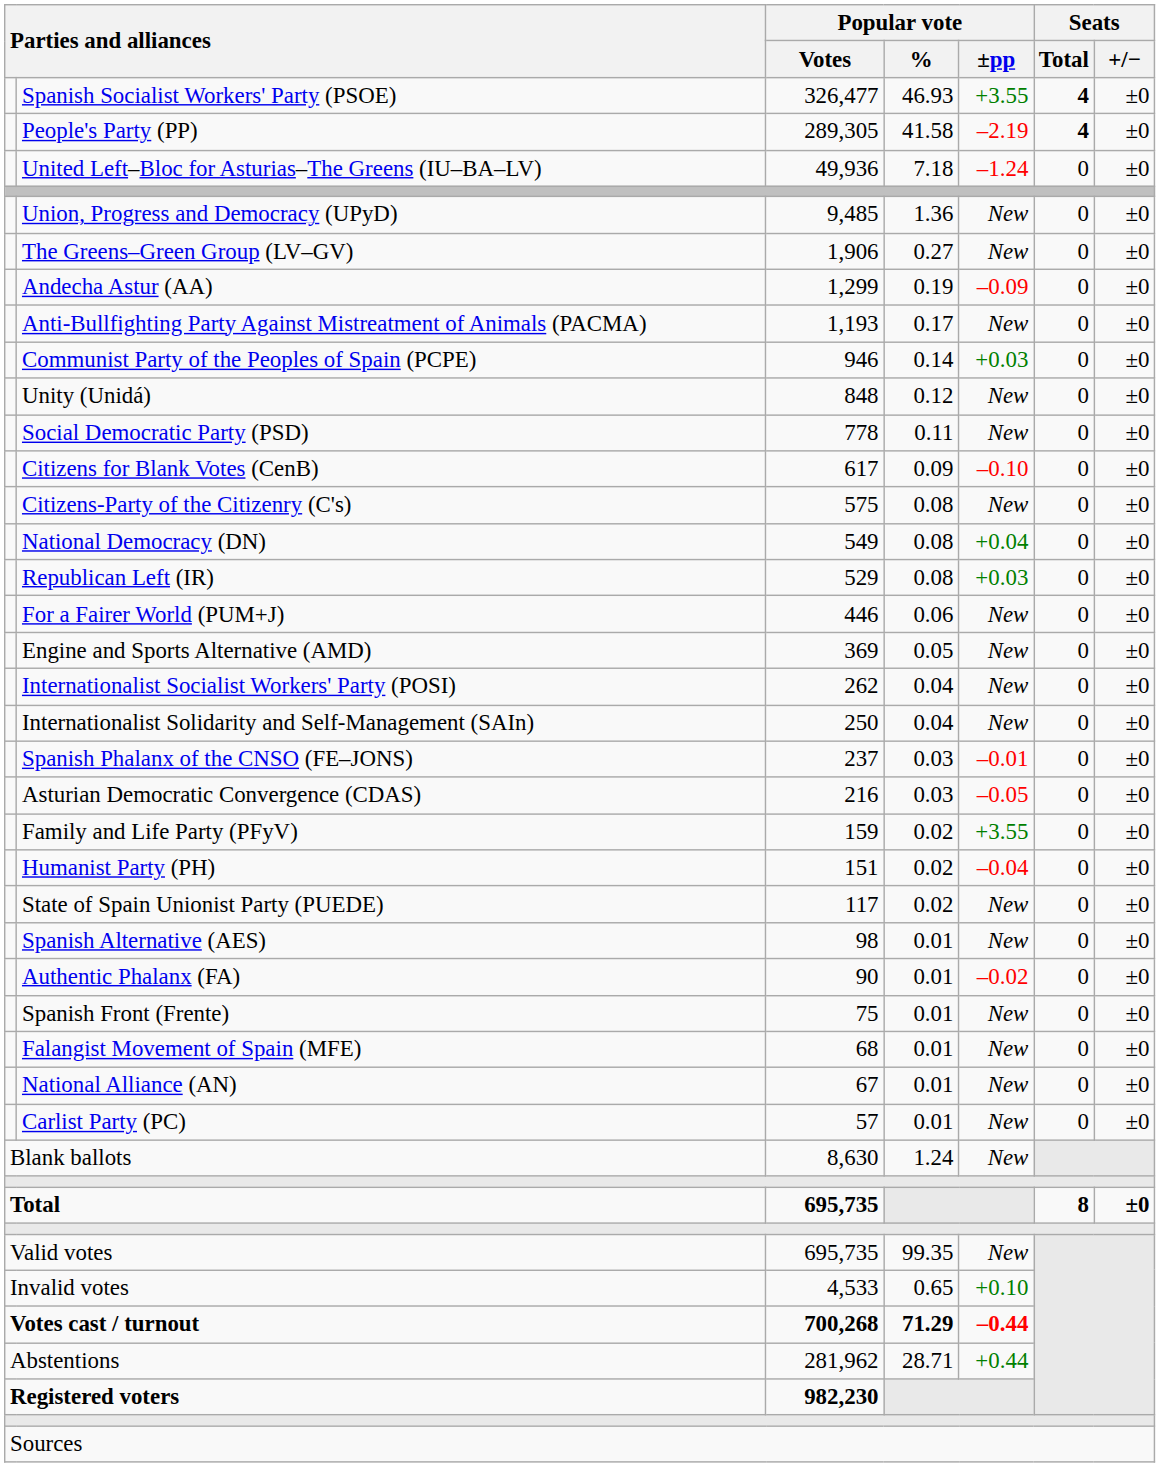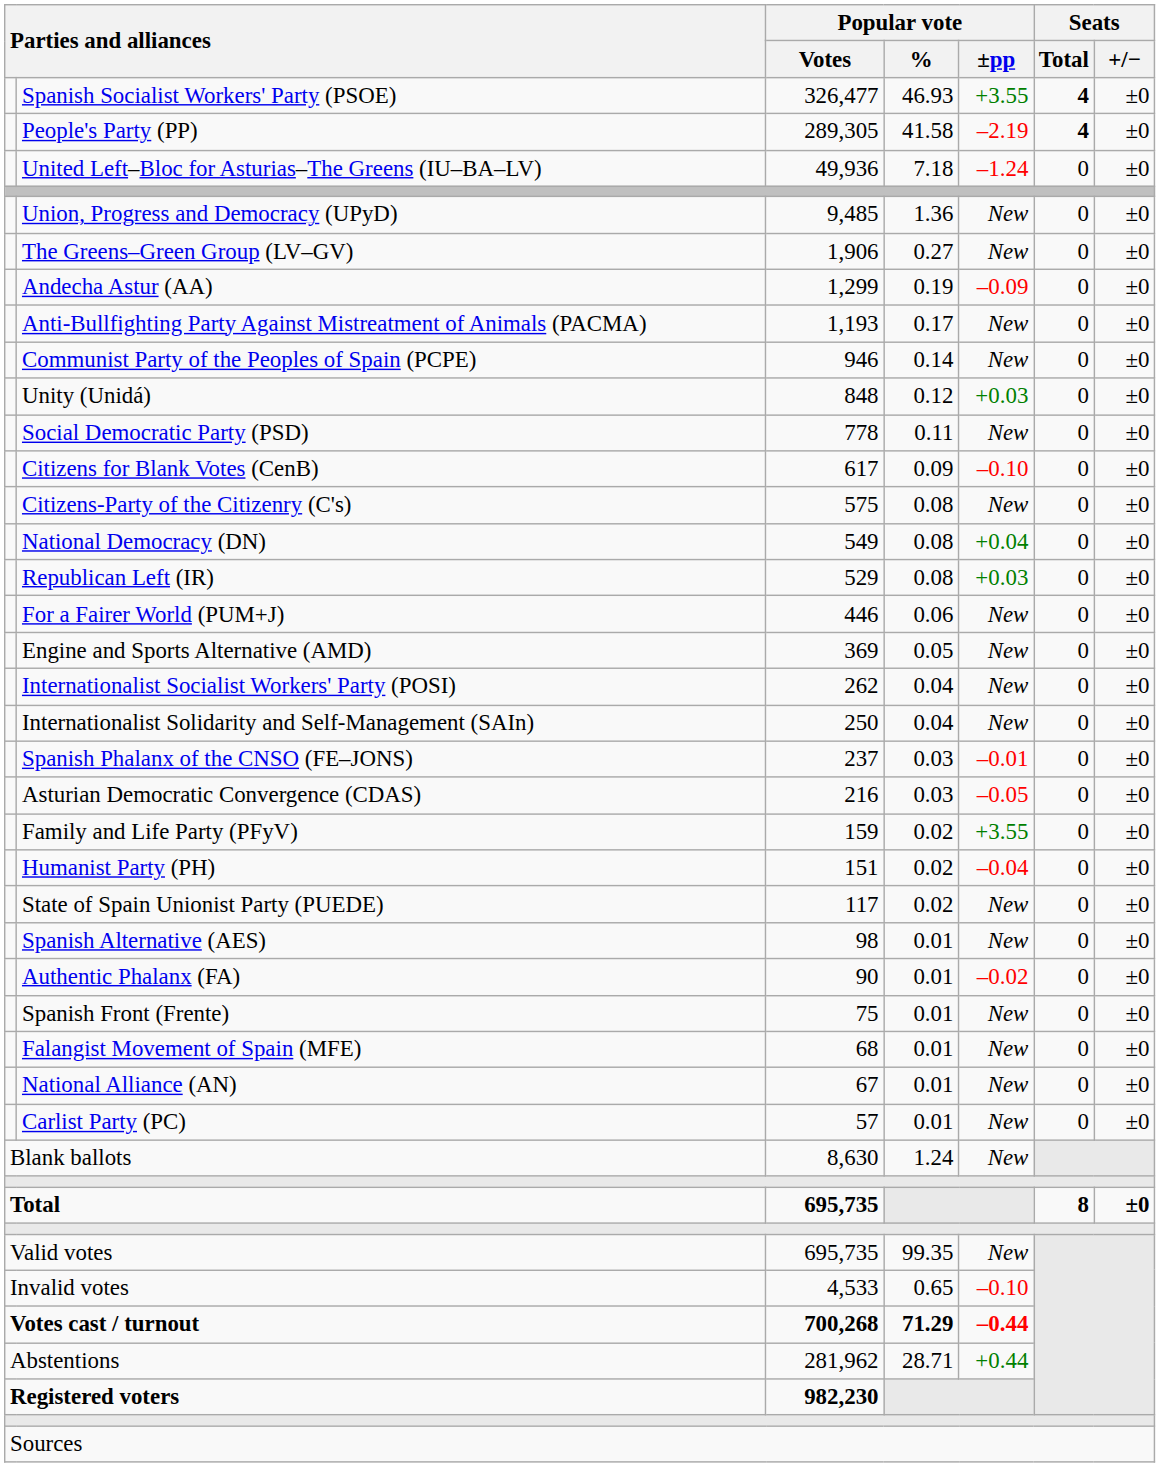 <table class="wikitable" style="text-align:right;">
 <tr>
 <th style="text-align:left;" rowspan="2" colspan="2" width="525">Parties and alliances</th>
 <th colspan="3">Popular vote</th>
 <th colspan="2">Seats</th>
 </tr>
 <tr>
 <th width="75">Votes</th>
 <th width="45">%</th>
 <th width="45">±<a href='#'>pp</a></th>
 <th width="35">Total</th>
 <th width="35">+/−</th>
 </tr>
 <tr>
 <td width="1" style="color:inherit;background:"></td>
 <td align="left"><a href='#'>Spanish Socialist Workers' Party</a> (PSOE)</td>
 <td>326,477</td>
 <td>46.93</td>
 <td style="color:green;">+3.55</td>
 <td><strong>4</strong></td>
 <td>±0</td>
 </tr>
 <tr>
 <td style="color:inherit;background:"></td>
 <td align="left"><a href='#'>People's Party</a> (PP)</td>
 <td>289,305</td>
 <td>41.58</td>
 <td style="color:red;">–2.19</td>
 <td><strong>4</strong></td>
 <td>±0</td>
 </tr>
 <tr>
 <td style="color:inherit;background:"></td>
 <td align="left"><a href='#'>United Left</a>–<a href='#'>Bloc for Asturias</a>–<a href='#'>The Greens</a> (IU–BA–LV)</td>
 <td>49,936</td>
 <td>7.18</td>
 <td style="color:red;">–1.24</td>
 <td>0</td>
 <td>±0</td>
 </tr>
 <tr>
 <td colspan="7" bgcolor="#C0C0C0"></td>
 </tr>
 <tr>
 <td style="color:inherit;background:"></td>
 <td align="left"><a href='#'>Union, Progress and Democracy</a> (UPyD)</td>
 <td>9,485</td>
 <td>1.36</td>
 <td><em>New</em></td>
 <td>0</td>
 <td>±0</td>
 </tr>
 <tr>
 <td style="color:inherit;background:"></td>
 <td align="left"><a href='#'>The Greens–Green Group</a> (LV–GV)</td>
 <td>1,906</td>
 <td>0.27</td>
 <td><em>New</em></td>
 <td>0</td>
 <td>±0</td>
 </tr>
 <tr>
 <td style="color:inherit;background:"></td>
 <td align="left"><a href='#'>Andecha Astur</a> (AA)</td>
 <td>1,299</td>
 <td>0.19</td>
 <td style="color:red;">–0.09</td>
 <td>0</td>
 <td>±0</td>
 </tr>
 <tr>
 <td style="color:inherit;background:"></td>
 <td align="left"><a href='#'>Anti-Bullfighting Party Against Mistreatment of Animals</a> (PACMA)</td>
 <td>1,193</td>
 <td>0.17</td>
 <td><em>New</em></td>
 <td>0</td>
 <td>±0</td>
 </tr>
 <tr>
 <td style="color:inherit;background:"></td>
 <td align="left"><a href='#'>Communist Party of the Peoples of Spain</a> (PCPE)</td>
 <td>946</td>
 <td>0.14</td>
-<td style="color:green;">+0.03</td>
+<td><em>New</em></td>
 <td>0</td>
 <td>±0</td>
 </tr>
 <tr>
 <td style="color:inherit;background:"></td>
 <td align="left">Unity (Unidá)</td>
 <td>848</td>
 <td>0.12</td>
-<td><em>New</em></td>
+<td style="color:green;">+0.03</td>
 <td>0</td>
 <td>±0</td>
 </tr>
 <tr>
 <td style="color:inherit;background:"></td>
 <td align="left"><a href='#'>Social Democratic Party</a> (PSD)</td>
 <td>778</td>
 <td>0.11</td>
 <td><em>New</em></td>
 <td>0</td>
 <td>±0</td>
 </tr>
 <tr>
 <td style="color:inherit;background:"></td>
 <td align="left"><a href='#'>Citizens for Blank Votes</a> (CenB)</td>
 <td>617</td>
 <td>0.09</td>
 <td style="color:red;">–0.10</td>
 <td>0</td>
 <td>±0</td>
 </tr>
 <tr>
 <td style="color:inherit;background:"></td>
 <td align="left"><a href='#'>Citizens-Party of the Citizenry</a> (C's)</td>
 <td>575</td>
 <td>0.08</td>
 <td><em>New</em></td>
 <td>0</td>
 <td>±0</td>
 </tr>
 <tr>
 <td style="color:inherit;background:"></td>
 <td align="left"><a href='#'>National Democracy</a> (DN)</td>
 <td>549</td>
 <td>0.08</td>
 <td style="color:green;">+0.04</td>
 <td>0</td>
 <td>±0</td>
 </tr>
 <tr>
 <td style="color:inherit;background:"></td>
 <td align="left"><a href='#'>Republican Left</a> (IR)</td>
 <td>529</td>
 <td>0.08</td>
 <td style="color:green;">+0.03</td>
 <td>0</td>
 <td>±0</td>
 </tr>
 <tr>
 <td style="color:inherit;background:"></td>
 <td align="left"><a href='#'>For a Fairer World</a> (PUM+J)</td>
 <td>446</td>
 <td>0.06</td>
 <td><em>New</em></td>
 <td>0</td>
 <td>±0</td>
 </tr>
 <tr>
 <td style="color:inherit;background:"></td>
 <td align="left">Engine and Sports Alternative (AMD)</td>
 <td>369</td>
 <td>0.05</td>
 <td><em>New</em></td>
 <td>0</td>
 <td>±0</td>
 </tr>
 <tr>
 <td style="color:inherit;background:"></td>
 <td align="left"><a href='#'>Internationalist Socialist Workers' Party</a> (POSI)</td>
 <td>262</td>
 <td>0.04</td>
 <td><em>New</em></td>
 <td>0</td>
 <td>±0</td>
 </tr>
 <tr>
 <td style="color:inherit;background:"></td>
 <td align="left">Internationalist Solidarity and Self-Management (SAIn)</td>
 <td>250</td>
 <td>0.04</td>
 <td><em>New</em></td>
 <td>0</td>
 <td>±0</td>
 </tr>
 <tr>
 <td style="color:inherit;background:"></td>
 <td align="left"><a href='#'>Spanish Phalanx of the CNSO</a> (FE–JONS)</td>
 <td>237</td>
 <td>0.03</td>
 <td style="color:red;">–0.01</td>
 <td>0</td>
 <td>±0</td>
 </tr>
 <tr>
 <td style="color:inherit;background:"></td>
 <td align="left">Asturian Democratic Convergence (CDAS)</td>
 <td>216</td>
 <td>0.03</td>
 <td style="color:red;">–0.05</td>
 <td>0</td>
 <td>±0</td>
 </tr>
 <tr>
 <td style="color:inherit;background:"></td>
 <td align="left">Family and Life Party (PFyV)</td>
 <td>159</td>
 <td>0.02</td>
 <td style="color:green;">+3.55</td>
 <td>0</td>
 <td>±0</td>
 </tr>
 <tr>
 <td style="color:inherit;background:"></td>
 <td align="left"><a href='#'>Humanist Party</a> (PH)</td>
 <td>151</td>
 <td>0.02</td>
 <td style="color:red;">–0.04</td>
 <td>0</td>
 <td>±0</td>
 </tr>
 <tr>
 <td style="color:inherit;background:"></td>
 <td align="left">State of Spain Unionist Party (PUEDE)</td>
 <td>117</td>
 <td>0.02</td>
 <td><em>New</em></td>
 <td>0</td>
 <td>±0</td>
 </tr>
 <tr>
 <td style="color:inherit;background:"></td>
 <td align="left"><a href='#'>Spanish Alternative</a> (AES)</td>
 <td>98</td>
 <td>0.01</td>
 <td><em>New</em></td>
 <td>0</td>
 <td>±0</td>
 </tr>
 <tr>
 <td style="color:inherit;background:"></td>
 <td align="left"><a href='#'>Authentic Phalanx</a> (FA)</td>
 <td>90</td>
 <td>0.01</td>
 <td style="color:red;">–0.02</td>
 <td>0</td>
 <td>±0</td>
 </tr>
 <tr>
 <td style="color:inherit;background:"></td>
 <td align="left">Spanish Front (Frente)</td>
 <td>75</td>
 <td>0.01</td>
 <td><em>New</em></td>
 <td>0</td>
 <td>±0</td>
 </tr>
 <tr>
 <td style="color:inherit;background:"></td>
 <td align="left"><a href='#'>Falangist Movement of Spain</a> (MFE)</td>
 <td>68</td>
 <td>0.01</td>
 <td><em>New</em></td>
 <td>0</td>
 <td>±0</td>
 </tr>
 <tr>
 <td style="color:inherit;background:"></td>
 <td align="left"><a href='#'>National Alliance</a> (AN)</td>
 <td>67</td>
 <td>0.01</td>
 <td><em>New</em></td>
 <td>0</td>
 <td>±0</td>
 </tr>
 <tr>
 <td style="color:inherit;background:"></td>
 <td align="left"><a href='#'>Carlist Party</a> (PC)</td>
 <td>57</td>
 <td>0.01</td>
 <td><em>New</em></td>
 <td>0</td>
 <td>±0</td>
 </tr>
 <tr>
 <td align="left" colspan="2">Blank ballots</td>
 <td>8,630</td>
 <td>1.24</td>
 <td><em>New</em></td>
 <td bgcolor="#E9E9E9" colspan="2"></td>
 </tr>
 <tr>
 <td colspan="7" bgcolor="#E9E9E9"></td>
 </tr>
 <tr style="font-weight:bold;">
 <td align="left" colspan="2">Total</td>
 <td>695,735</td>
 <td bgcolor="#E9E9E9" colspan="2"></td>
 <td>8</td>
 <td>±0</td>
 </tr>
 <tr>
 <td colspan="7" bgcolor="#E9E9E9"></td>
 </tr>
 <tr>
 <td align="left" colspan="2">Valid votes</td>
 <td>695,735</td>
 <td>99.35</td>
 <td><em>New</em></td>
 <td bgcolor="#E9E9E9" colspan="2" rowspan="5"></td>
 </tr>
 <tr>
 <td align="left" colspan="2">Invalid votes</td>
 <td>4,533</td>
 <td>0.65</td>
-<td style="color:green;">+0.10</td>
+<td style="color:red;">–0.10</td>
 </tr>
 <tr style="font-weight:bold;">
 <td align="left" colspan="2">Votes cast / turnout</td>
 <td>700,268</td>
 <td>71.29</td>
 <td style="color:red;">–0.44</td>
 </tr>
 <tr>
 <td align="left" colspan="2">Abstentions</td>
 <td>281,962</td>
 <td>28.71</td>
 <td style="color:green;">+0.44</td>
 </tr>
 <tr style="font-weight:bold;">
 <td align="left" colspan="2">Registered voters</td>
 <td>982,230</td>
 <td bgcolor="#E9E9E9" colspan="2"></td>
 </tr>
 <tr>
 <td colspan="7" bgcolor="#E9E9E9"></td>
 </tr>
 <tr>
 <td align="left" colspan="7">Sources</td>
 </tr>
 </table>
